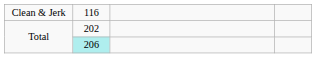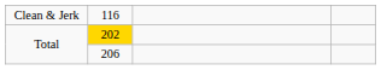 <table class = "wikitable" style="text-align:center;">
 <tr>
 <td width=100>Clean & Jerk</td>
 <td width=50>116</td>
 <td width=250 align=left></td>
 <td width=50></td>
 </tr>
 <tr>
 <td rowspan=2>Total</td>
-<td>202</td>
+<td style="background: gold;">202</td>
 <td align=left></td>
 <td></td>
 </tr>
 <tr>
-<td style="background: paleturquoise;">206</td>
+<td>206</td>
 <td align=left></td>
 <td></td>
 </tr>
 </table>
